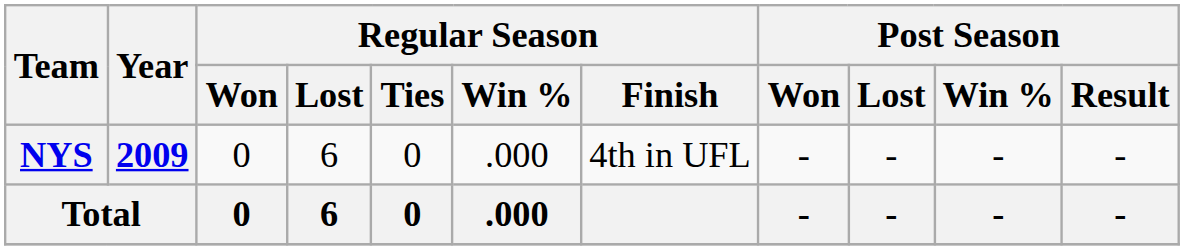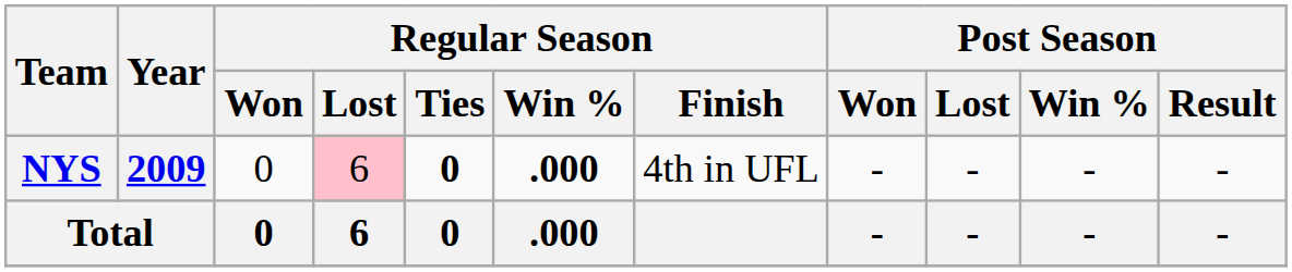 <table class="wikitable" style="font-size: 95%; text-align:center;">
 <tr>
 <th rowspan="2">Team</th>
 <th rowspan="2">Year</th>
 <th colspan="5">Regular Season</th>
 <th colspan="4">Post Season</th>
 </tr>
 <tr>
 <th>Won</th>
 <th>Lost</th>
 <th>Ties</th>
 <th>Win %</th>
 <th>Finish</th>
 <th>Won</th>
 <th>Lost</th>
 <th>Win %</th>
 <th>Result</th>
 </tr>
 <tr>
 <th><a href='#'>NYS</a></th>
 <th><a href='#'>2009</a></th>
 <td>0</td>
-<td>6</td>
-<td>0</td>
-<td>.000</td>
+<td style="background: pink;">6</td>
+<td><strong>0</strong></td>
+<td><strong>.000</strong></td>
 <td>4th in UFL</td>
 <td>-</td>
 <td>-</td>
 <td>-</td>
 <td>-</td>
 </tr>
 <tr>
 <th colspan="2">Total</th>
 <th>0</th>
 <th>6</th>
 <th>0</th>
 <th>.000</th>
 <th></th>
 <th>-</th>
 <th>-</th>
 <th>-</th>
 <th>-</th>
 </tr>
 <tr>
 </tr>
 </table>
